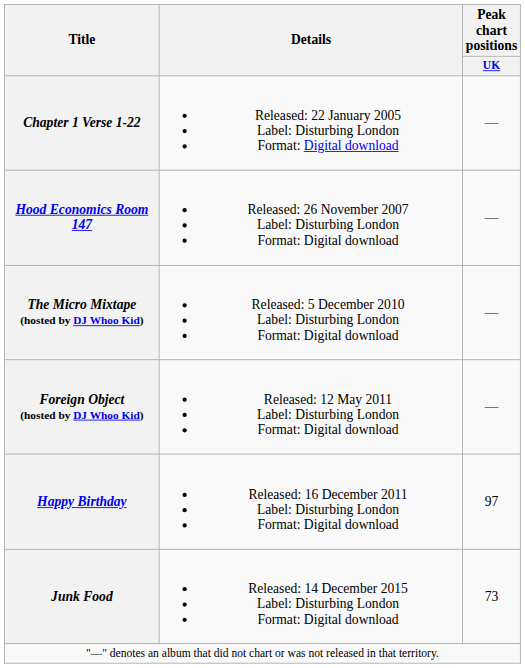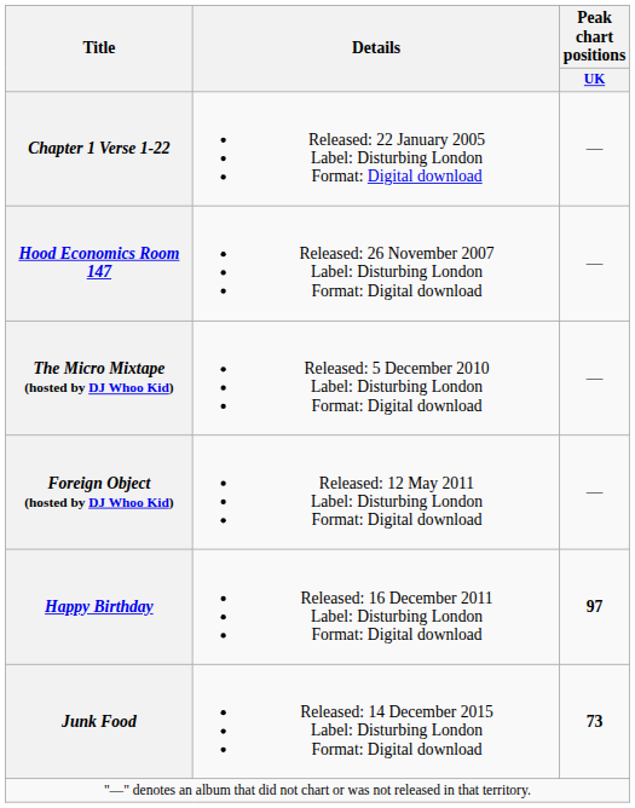 <table class="wikitable plainrowheaders" style="text-align:center;">
 <tr>
 <th scope="col" rowspan="2" style="width:11em;">Title</th>
 <th scope="col" rowspan="2" style="width:22em;">Details</th>
 <th scope="col" colspan="1">Peak chart positions</th>
 </tr>
 <tr>
 <th scope="col" style="width:3em;font-size:85%;"><a href='#'>UK</a><br></th>
 </tr>
 <tr>
 <th scope="row"><em>Chapter 1 Verse 1-22</em></th>
 <td><br><ul><li>Released: 22 January 2005</li><li>Label: Disturbing London</li><li>Format: <a href='#'>Digital download</a></li></ul></td>
 <td>—</td>
 </tr>
 <tr>
 <th scope="row"><em><a href='#'>Hood Economics Room 147</a></em></th>
 <td><br><ul><li>Released: 26 November 2007</li><li>Label: Disturbing London</li><li>Format: Digital download</li></ul></td>
 <td>—</td>
 </tr>
 <tr>
 <th scope="row"><em>The Micro Mixtape</em><br><small>(hosted by <a href='#'>DJ Whoo Kid</a>)</small></th>
 <td><br><ul><li>Released: 5 December 2010</li><li>Label: Disturbing London</li><li>Format: Digital download</li></ul></td>
 <td>—</td>
 </tr>
 <tr>
 <th scope="row"><em>Foreign Object</em><br><small>(hosted by <a href='#'>DJ Whoo Kid</a>)</small></th>
 <td><br><ul><li>Released: 12 May 2011</li><li>Label: Disturbing London</li><li>Format: Digital download</li></ul></td>
 <td>—</td>
 </tr>
 <tr>
 <th scope="row"><em><a href='#'>Happy Birthday</a></em></th>
 <td><br><ul><li>Released: 16 December 2011</li><li>Label: Disturbing London</li><li>Format: Digital download</li></ul></td>
-<td>97</td>
+<td><strong>97</strong></td>
 </tr>
 <tr>
 <th scope="row"><em>Junk Food</em></th>
 <td><br><ul><li>Released: 14 December 2015</li><li>Label: Disturbing London</li><li>Format: Digital download</li></ul></td>
-<td>73</td>
+<td><strong>73</strong></td>
 </tr>
 <tr>
 <td colspan="14" style="font-size:85%">"—" denotes an album that did not chart or was not released in that territory.</td>
 </tr>
 </table>
